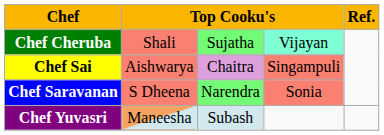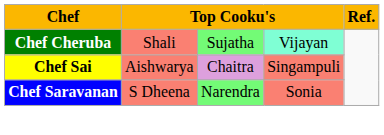 <table class="wikitable" style="text-align:center;">
 <tr>
 <th scope="col" style="background:#FBB700">Chef</th>
 <th scope="colgroup" style="background:#FBB700" colspan="3">Top Cooku's</th>
 <th scope="col" style="background:#FBB700">Ref.</th>
 </tr>
 <tr>
 <th scope="row" style="background:Green;color:white;">Chef Cheruba</th>
 <td style="background: salmon;">Shali</td>
 <td style="background: #73FB76;">Sujatha</td>
 <td style="background: #7FFFD4;">Vijayan</td>
 <td rowspan="3"></td>
 </tr>
 <tr>
 <th scope="row" style="background:Yellow;">Chef Sai</th>
 <td style="background: salmon;">Aishwarya</td>
 <td style="background: #DDA0DD;">Chaitra</td>
 <td style="background: salmon;">Singampuli</td>
 </tr>
 <tr>
 <th scope="row" style="background:Blue;color:white;">Chef Saravanan</th>
 <td style="background: salmon;">S Dheena</td>
 <td style="background: #73FB76;">Narendra</td>
 <td style="background: salmon;">Sonia</td>
 </tr>
-<tr>
-<th scope="row" style="background:Purple;color:white;">Chef Yuvasri</th>
-<td style="background-image: linear-gradient(to right bottom, sandybrown 50%, #D1E8EF 50%);">Maneesha</td>
-<td style="background: #D1E8EF;">Subash</td>
-<td></td>
-<td></td>
-</tr>
 </table>
